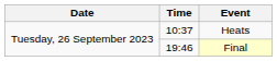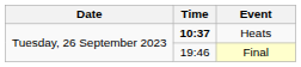 <table class = "wikitable" style="text-align:center;">
 <tr>
 <th width=220>Date</th>
 <th width=50>Time</th>
 <th width=100>Event</th>
 </tr>
 <tr>
 <td rowspan=2>Tuesday, 26 September 2023</td>
-<td>10:37</td>
+<td><strong>10:37</strong></td>
 <td>Heats</td>
 </tr>
 <tr>
 <td>19:46</td>
 <td bgcolor=ffffcc>Final</td>
 </tr>
 </table>
